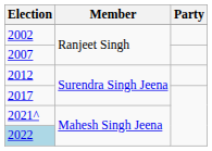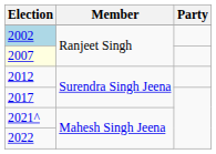 <table class="wikitable sortable">
 <tr>
 <th>Election</th>
 <th>Member</th>
 <th colspan=2>Party</th>
 </tr>
 <tr>
 </tr>
 <tr>
-<td><a href='#'>2002</a></td>
+<td style="background: lightblue;"><a href='#'>2002</a></td>
 <td rowspan=2>Ranjeet Singh</td>
 <td></td>
 </tr>
 <tr>
-<td><a href='#'>2007</a></td>
+<td style="background: lightyellow;"><a href='#'>2007</a></td>
 </tr>
 <tr>
 <td><a href='#'>2012</a></td>
 <td rowspan=2><a href='#'>Surendra Singh Jeena</a></td>
 <td></td>
 </tr>
 <tr>
 <td><a href='#'>2017</a></td>
 </tr>
 <tr>
 <td><a href='#'>2021^</a></td>
 <td rowspan=2><a href='#'>Mahesh Singh Jeena</a></td>
 </tr>
 <tr>
-<td style="background: lightblue;"><a href='#'>2022</a></td>
+<td><a href='#'>2022</a></td>
 </tr>
 </table>
